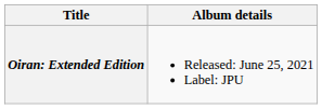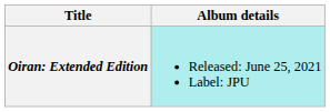 <table class="wikitable plainrowheaders">
 <tr>
 <th scope="col">Title</th>
 <th scope="col">Album details</th>
 </tr>
 <tr>
 <th scope="row"><em>Oiran: Extended Edition</em></th>
-<td><br><ul><li>Released: June 25, 2021</li><li>Label: JPU</li></ul></td>
+<td style="background: paleturquoise;"><br><ul><li>Released: June 25, 2021</li><li>Label: JPU</li></ul></td>
 </tr>
 </table>
